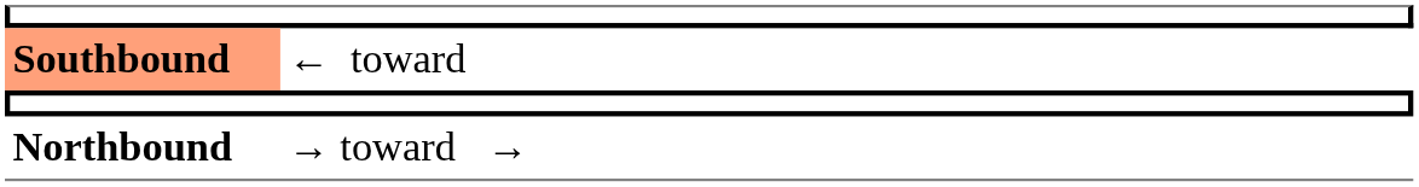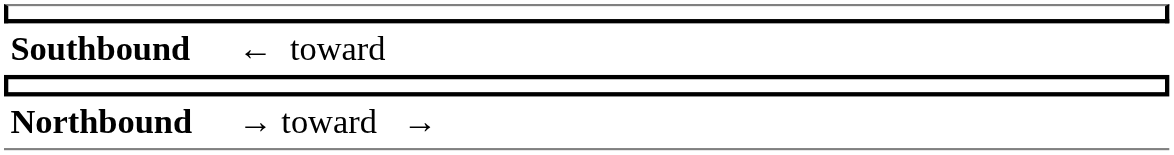 <table table border="0" cellspacing="0" cellpadding="3">
 <tr>
 <td style="border-top:solid 1px gray;border-right:solid 2px black;border-left:solid 2px black;border-bottom:solid 2px black;text-align:center;" colspan="2"></td>
 </tr>
 <tr>
-<td width="100" style="background: lightsalmon;"><strong>Southbound</strong></td>
+<td width="100"><strong>Southbound</strong></td>
 <td width="430">←  toward  </td>
 </tr>
 <tr>
 <td style="border-top:solid 2px black;border-right:solid 2px black;border-left:solid 2px black;border-bottom:solid 2px black;text-align:center;" colspan="2"></td>
 </tr>
 <tr>
 <td><strong>Northbound</strong></td>
 <td><span>→</span>  toward   →</td>
 </tr>
 <tr>
 <td style="border-top:solid 1px gray;" colspan="2"></td>
 </tr>
 </table>
